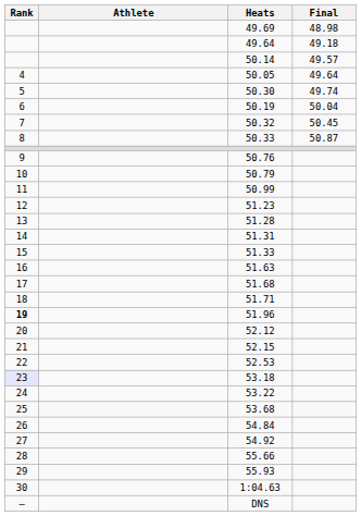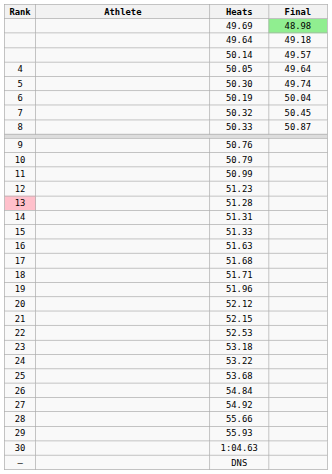 <table class=wikitable style="text-align:center">
 <tr>
 <th width=40>Rank</th>
 <th width=250>Athlete</th>
 <th width=80>Heats</th>
 <th width=80>Final</th>
 </tr>
 <tr>
 <td></td>
 <td align=left></td>
 <td>49.69</td>
-<td>48.98</td>
+<td style="background: lightgreen;">48.98</td>
 </tr>
 <tr>
 <td></td>
 <td align=left></td>
 <td>49.64</td>
 <td>49.18</td>
 </tr>
 <tr>
 <td></td>
 <td align=left></td>
 <td>50.14</td>
 <td>49.57</td>
 </tr>
 <tr>
 <td>4</td>
 <td align=left></td>
 <td>50.05</td>
 <td>49.64</td>
 </tr>
 <tr>
 <td>5</td>
 <td align=left></td>
 <td>50.30</td>
 <td>49.74</td>
 </tr>
 <tr>
 <td>6</td>
 <td align=left></td>
 <td>50.19</td>
 <td>50.04</td>
 </tr>
 <tr>
 <td>7</td>
 <td align=left></td>
 <td>50.32</td>
 <td>50.45</td>
 </tr>
 <tr>
 <td>8</td>
 <td align=left></td>
 <td>50.33</td>
 <td>50.87</td>
 </tr>
 <tr bgcolor=#DDDDDD>
 <td colspan=4></td>
 </tr>
 <tr>
 <td>9</td>
 <td align=left></td>
 <td>50.76</td>
 <td></td>
 </tr>
 <tr>
 <td>10</td>
 <td align=left></td>
 <td>50.79</td>
 <td></td>
 </tr>
 <tr>
 <td>11</td>
 <td align=left></td>
 <td>50.99</td>
 <td></td>
 </tr>
 <tr>
 <td>12</td>
 <td align=left></td>
 <td>51.23</td>
 <td></td>
 </tr>
 <tr>
-<td>13</td>
+<td style="background: pink;">13</td>
 <td align=left></td>
 <td>51.28</td>
 <td></td>
 </tr>
 <tr>
 <td>14</td>
 <td align=left></td>
 <td>51.31</td>
 <td></td>
 </tr>
 <tr>
 <td>15</td>
 <td align=left></td>
 <td>51.33</td>
 <td></td>
 </tr>
 <tr>
 <td>16</td>
 <td align=left></td>
 <td>51.63</td>
 <td></td>
 </tr>
 <tr>
 <td>17</td>
 <td align=left></td>
 <td>51.68</td>
 <td></td>
 </tr>
 <tr>
 <td>18</td>
 <td align=left></td>
 <td>51.71</td>
 <td></td>
 </tr>
 <tr>
-<td><strong>19</strong></td>
+<td>19</td>
 <td align=left></td>
 <td>51.96</td>
 <td></td>
 </tr>
 <tr>
 <td>20</td>
 <td align=left></td>
 <td>52.12</td>
 <td></td>
 </tr>
 <tr>
 <td>21</td>
 <td align=left></td>
 <td>52.15</td>
 <td></td>
 </tr>
 <tr>
 <td>22</td>
 <td align=left></td>
 <td>52.53</td>
 <td></td>
 </tr>
 <tr>
-<td style="background: lavender;">23</td>
+<td>23</td>
 <td align=left></td>
 <td>53.18</td>
 <td></td>
 </tr>
 <tr>
 <td>24</td>
 <td align=left></td>
 <td>53.22</td>
 <td></td>
 </tr>
 <tr>
 <td>25</td>
 <td align=left></td>
 <td>53.68</td>
 <td></td>
 </tr>
 <tr>
 <td>26</td>
 <td align=left></td>
 <td>54.84</td>
 <td></td>
 </tr>
 <tr>
 <td>27</td>
 <td align=left></td>
 <td>54.92</td>
 <td></td>
 </tr>
 <tr>
 <td>28</td>
 <td align=left></td>
 <td>55.66</td>
 <td></td>
 </tr>
 <tr>
 <td>29</td>
 <td align=left></td>
 <td>55.93</td>
 <td></td>
 </tr>
 <tr>
 <td>30</td>
 <td align=left></td>
 <td>1:04.63</td>
 <td></td>
 </tr>
 <tr>
 <td>—</td>
 <td align=left></td>
 <td>DNS</td>
 <td></td>
 </tr>
 </table>
